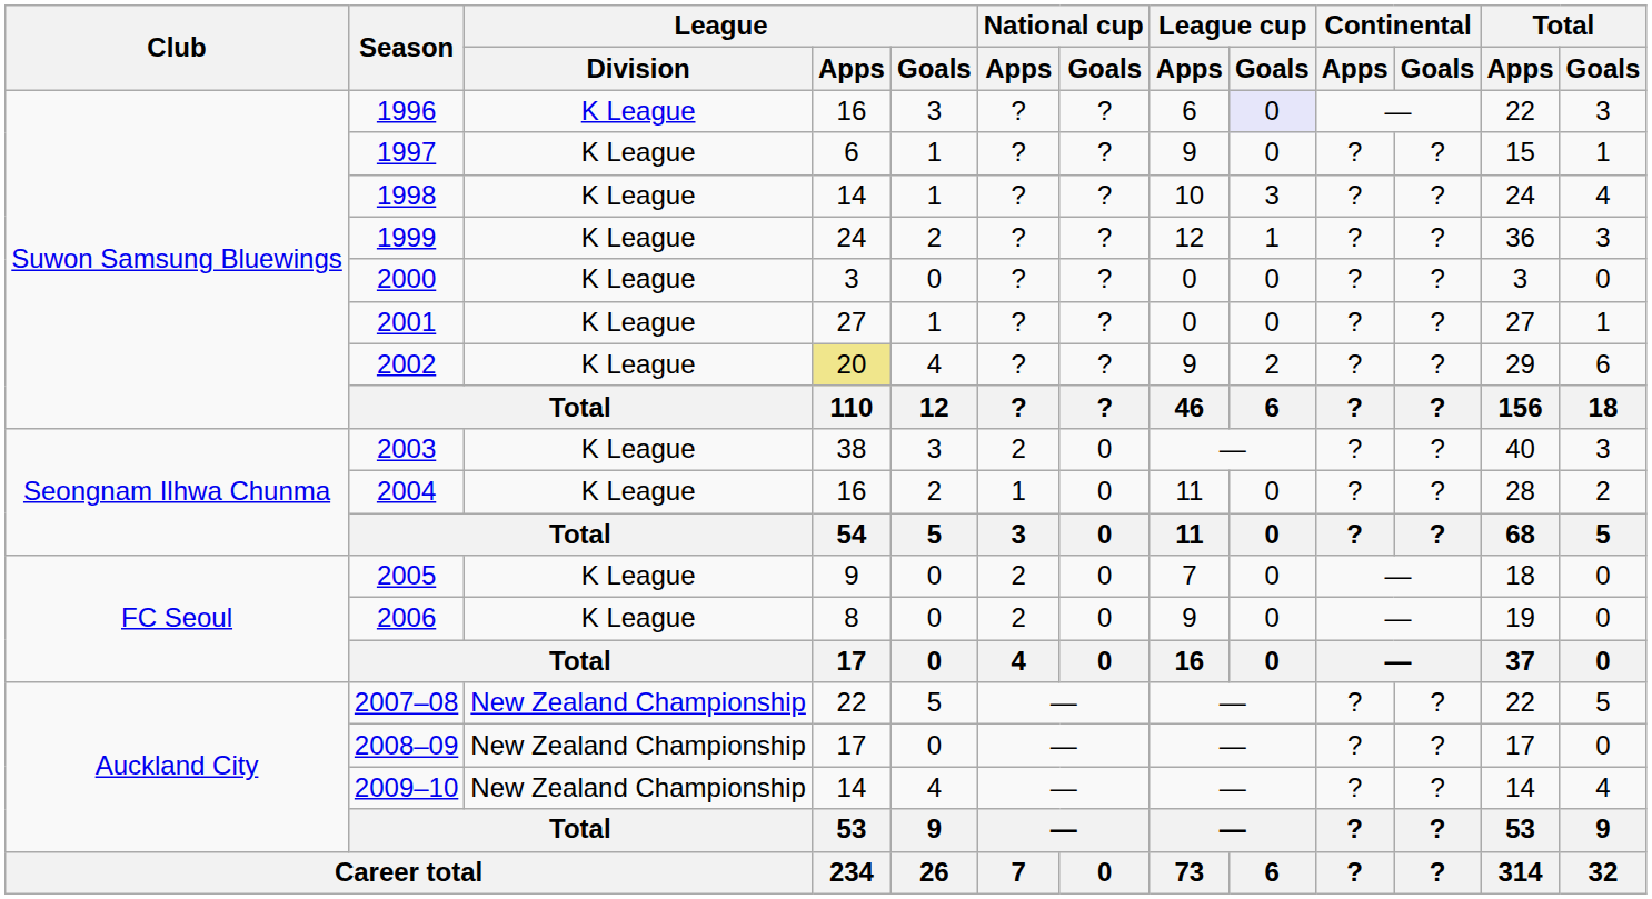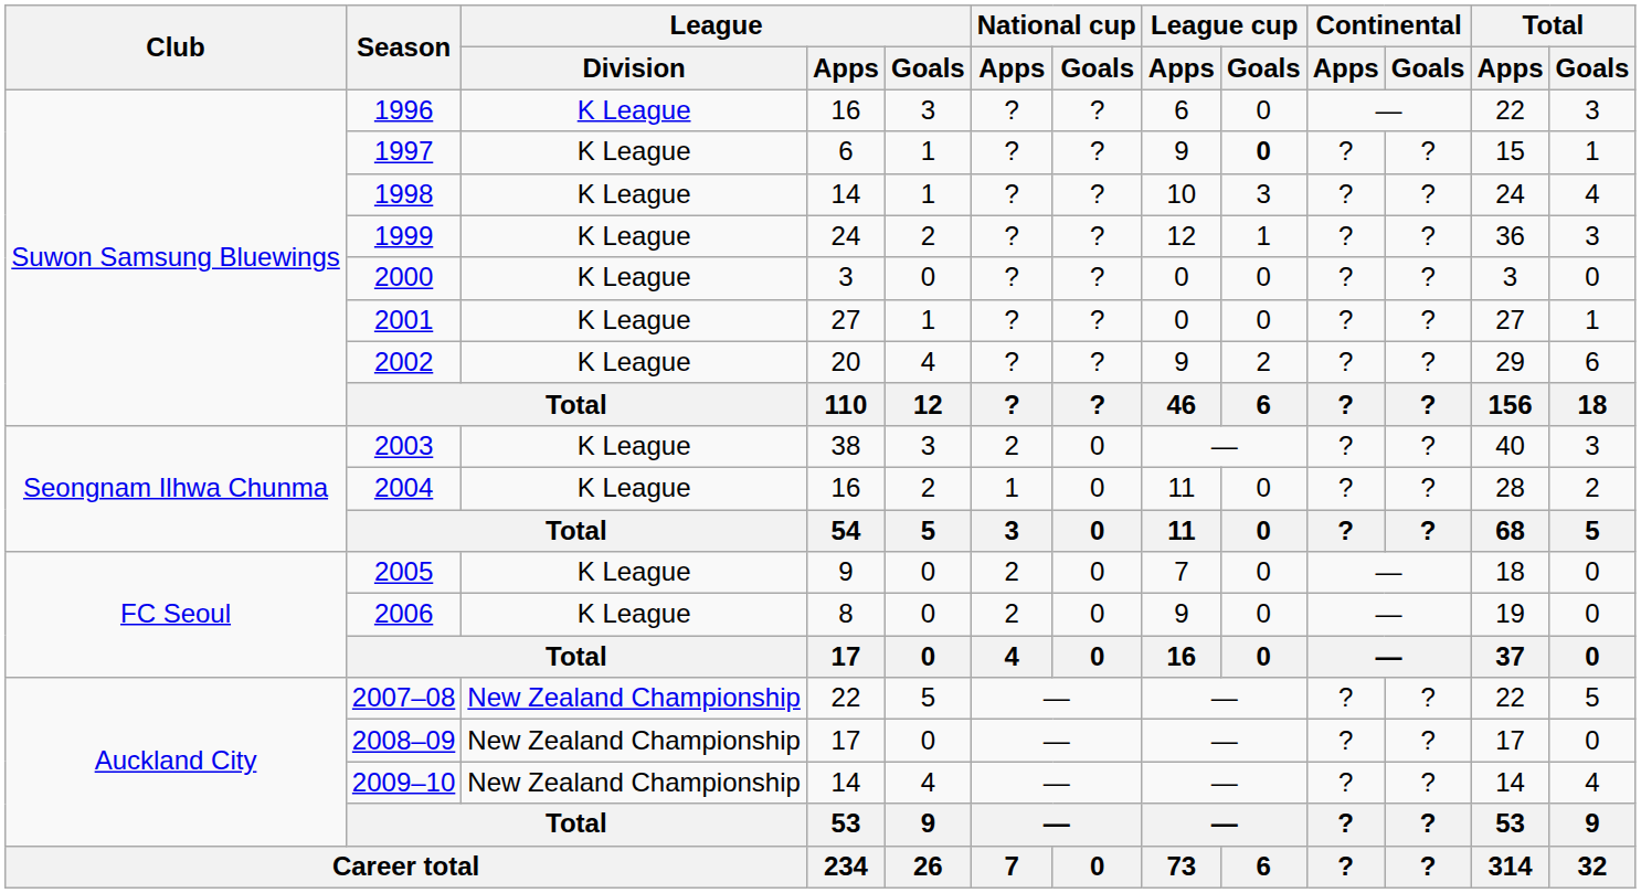 <table class="wikitable" style="text-align:center">
 <tr>
 <th rowspan=2>Club</th>
 <th rowspan=2>Season</th>
 <th colspan=3>League</th>
 <th colspan=2>National cup</th>
 <th colspan=2>League cup</th>
 <th colspan=2>Continental</th>
 <th colspan=2>Total</th>
 </tr>
 <tr>
 <th>Division</th>
 <th>Apps</th>
 <th>Goals</th>
 <th>Apps</th>
 <th>Goals</th>
 <th>Apps</th>
 <th>Goals</th>
 <th>Apps</th>
 <th>Goals</th>
 <th>Apps</th>
 <th>Goals</th>
 </tr>
 <tr>
 <td rowspan="8"><a href='#'>Suwon Samsung Bluewings</a></td>
 <td><a href='#'>1996</a></td>
 <td><a href='#'>K League</a></td>
 <td>16</td>
 <td>3</td>
 <td>?</td>
 <td>?</td>
 <td>6</td>
-<td style="background: lavender;">0</td>
+<td>0</td>
 <td colspan="2">—</td>
 <td>22</td>
 <td>3</td>
 </tr>
 <tr>
 <td><a href='#'>1997</a></td>
 <td>K League</td>
 <td>6</td>
 <td>1</td>
 <td>?</td>
 <td>?</td>
 <td>9</td>
-<td>0</td>
+<td><strong>0</strong></td>
 <td>?</td>
 <td>?</td>
 <td>15</td>
 <td>1</td>
 </tr>
 <tr>
 <td><a href='#'>1998</a></td>
 <td>K League</td>
 <td>14</td>
 <td>1</td>
 <td>?</td>
 <td>?</td>
 <td>10</td>
 <td>3</td>
 <td>?</td>
 <td>?</td>
 <td>24</td>
 <td>4</td>
 </tr>
 <tr>
 <td><a href='#'>1999</a></td>
 <td>K League</td>
 <td>24</td>
 <td>2</td>
 <td>?</td>
 <td>?</td>
 <td>12</td>
 <td>1</td>
 <td>?</td>
 <td>?</td>
 <td>36</td>
 <td>3</td>
 </tr>
 <tr>
 <td><a href='#'>2000</a></td>
 <td>K League</td>
 <td>3</td>
 <td>0</td>
 <td>?</td>
 <td>?</td>
 <td>0</td>
 <td>0</td>
 <td>?</td>
 <td>?</td>
 <td>3</td>
 <td>0</td>
 </tr>
 <tr>
 <td><a href='#'>2001</a></td>
 <td>K League</td>
 <td>27</td>
 <td>1</td>
 <td>?</td>
 <td>?</td>
 <td>0</td>
 <td>0</td>
 <td>?</td>
 <td>?</td>
 <td>27</td>
 <td>1</td>
 </tr>
 <tr>
 <td><a href='#'>2002</a></td>
 <td>K League</td>
-<td style="background: khaki;">20</td>
+<td>20</td>
 <td>4</td>
 <td>?</td>
 <td>?</td>
 <td>9</td>
 <td>2</td>
 <td>?</td>
 <td>?</td>
 <td>29</td>
 <td>6</td>
 </tr>
 <tr>
 <th colspan=2>Total</th>
 <th>110</th>
 <th>12</th>
 <th>?</th>
 <th>?</th>
 <th>46</th>
 <th>6</th>
 <th>?</th>
 <th>?</th>
 <th>156</th>
 <th>18</th>
 </tr>
 <tr>
 <td rowspan="3"><a href='#'>Seongnam Ilhwa Chunma</a></td>
 <td><a href='#'>2003</a></td>
 <td>K League</td>
 <td>38</td>
 <td>3</td>
 <td>2</td>
 <td>0</td>
 <td colspan="2">—</td>
 <td>?</td>
 <td>?</td>
 <td>40</td>
 <td>3</td>
 </tr>
 <tr>
 <td><a href='#'>2004</a></td>
 <td>K League</td>
 <td>16</td>
 <td>2</td>
 <td>1</td>
 <td>0</td>
 <td>11</td>
 <td>0</td>
 <td>?</td>
 <td>?</td>
 <td>28</td>
 <td>2</td>
 </tr>
 <tr>
 <th colspan=2>Total</th>
 <th>54</th>
 <th>5</th>
 <th>3</th>
 <th>0</th>
 <th>11</th>
 <th>0</th>
 <th>?</th>
 <th>?</th>
 <th>68</th>
 <th>5</th>
 </tr>
 <tr>
 <td rowspan="3"><a href='#'>FC Seoul</a></td>
 <td><a href='#'>2005</a></td>
 <td>K League</td>
 <td>9</td>
 <td>0</td>
 <td>2</td>
 <td>0</td>
 <td>7</td>
 <td>0</td>
 <td colspan="2">—</td>
 <td>18</td>
 <td>0</td>
 </tr>
 <tr>
 <td><a href='#'>2006</a></td>
 <td>K League</td>
 <td>8</td>
 <td>0</td>
 <td>2</td>
 <td>0</td>
 <td>9</td>
 <td>0</td>
 <td colspan="2">—</td>
 <td>19</td>
 <td>0</td>
 </tr>
 <tr>
 <th colspan=2>Total</th>
 <th>17</th>
 <th>0</th>
 <th>4</th>
 <th>0</th>
 <th>16</th>
 <th>0</th>
 <th colspan="2">—</th>
 <th>37</th>
 <th>0</th>
 </tr>
 <tr>
 <td rowspan="4"><a href='#'>Auckland City</a></td>
 <td><a href='#'>2007–08</a></td>
 <td><a href='#'>New Zealand Championship</a></td>
 <td>22</td>
 <td>5</td>
 <td colspan="2">—</td>
 <td colspan="2">—</td>
 <td>?</td>
 <td>?</td>
 <td>22</td>
 <td>5</td>
 </tr>
 <tr>
 <td><a href='#'>2008–09</a></td>
 <td>New Zealand Championship</td>
 <td>17</td>
 <td>0</td>
 <td colspan="2">—</td>
 <td colspan="2">—</td>
 <td>?</td>
 <td>?</td>
 <td>17</td>
 <td>0</td>
 </tr>
 <tr>
 <td><a href='#'>2009–10</a></td>
 <td>New Zealand Championship</td>
 <td>14</td>
 <td>4</td>
 <td colspan="2">—</td>
 <td colspan="2">—</td>
 <td>?</td>
 <td>?</td>
 <td>14</td>
 <td>4</td>
 </tr>
 <tr>
 <th colspan=2>Total</th>
 <th>53</th>
 <th>9</th>
 <th colspan="2">—</th>
 <th colspan="2">—</th>
 <th>?</th>
 <th>?</th>
 <th>53</th>
 <th>9</th>
 </tr>
 <tr>
 <th colspan=3>Career total</th>
 <th>234</th>
 <th>26</th>
 <th>7</th>
 <th>0</th>
 <th>73</th>
 <th>6</th>
 <th>?</th>
 <th>?</th>
 <th>314</th>
 <th>32</th>
 </tr>
 </table>
